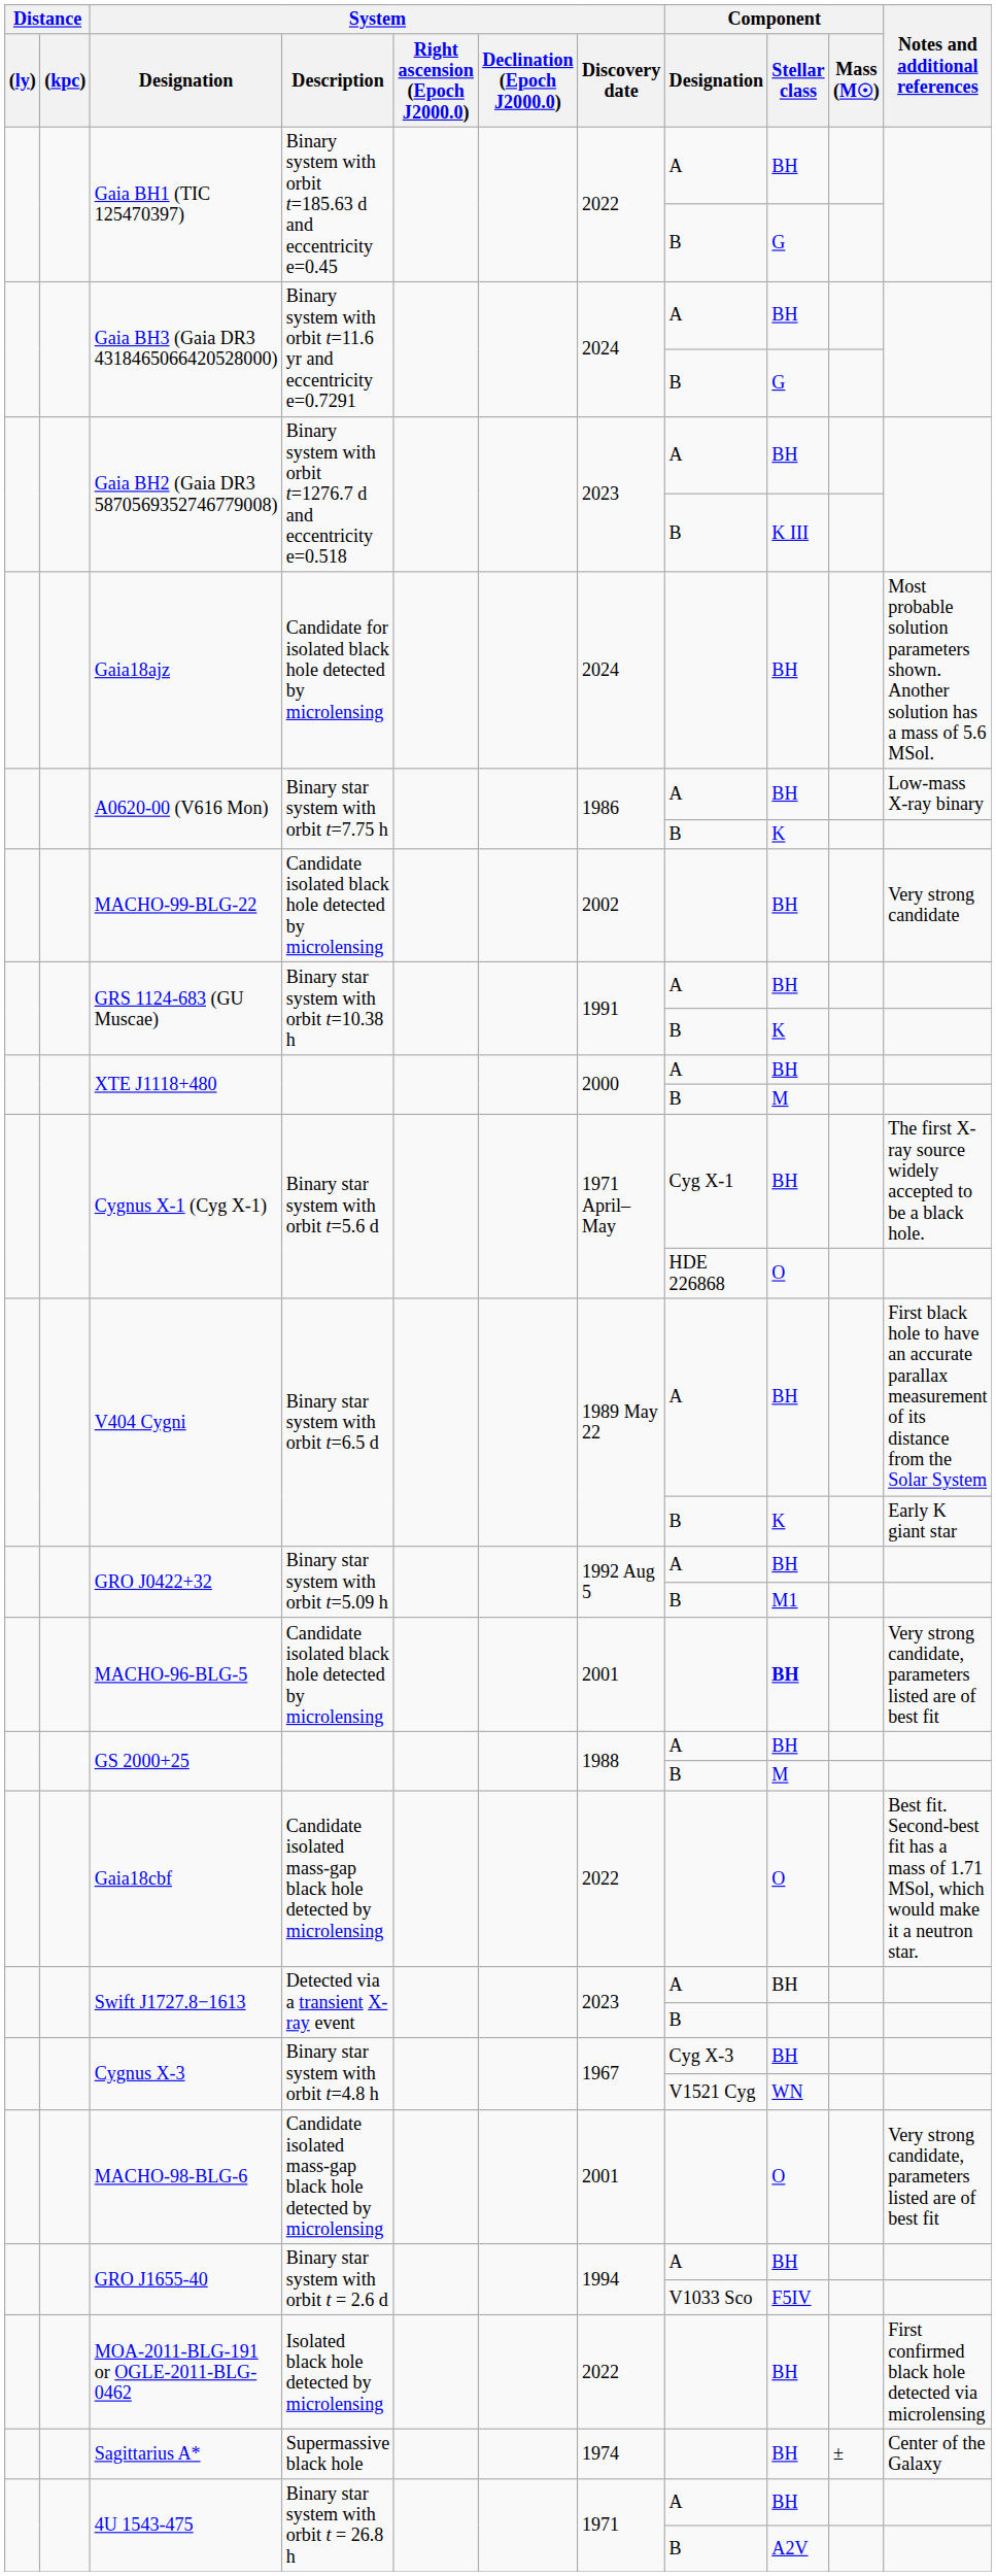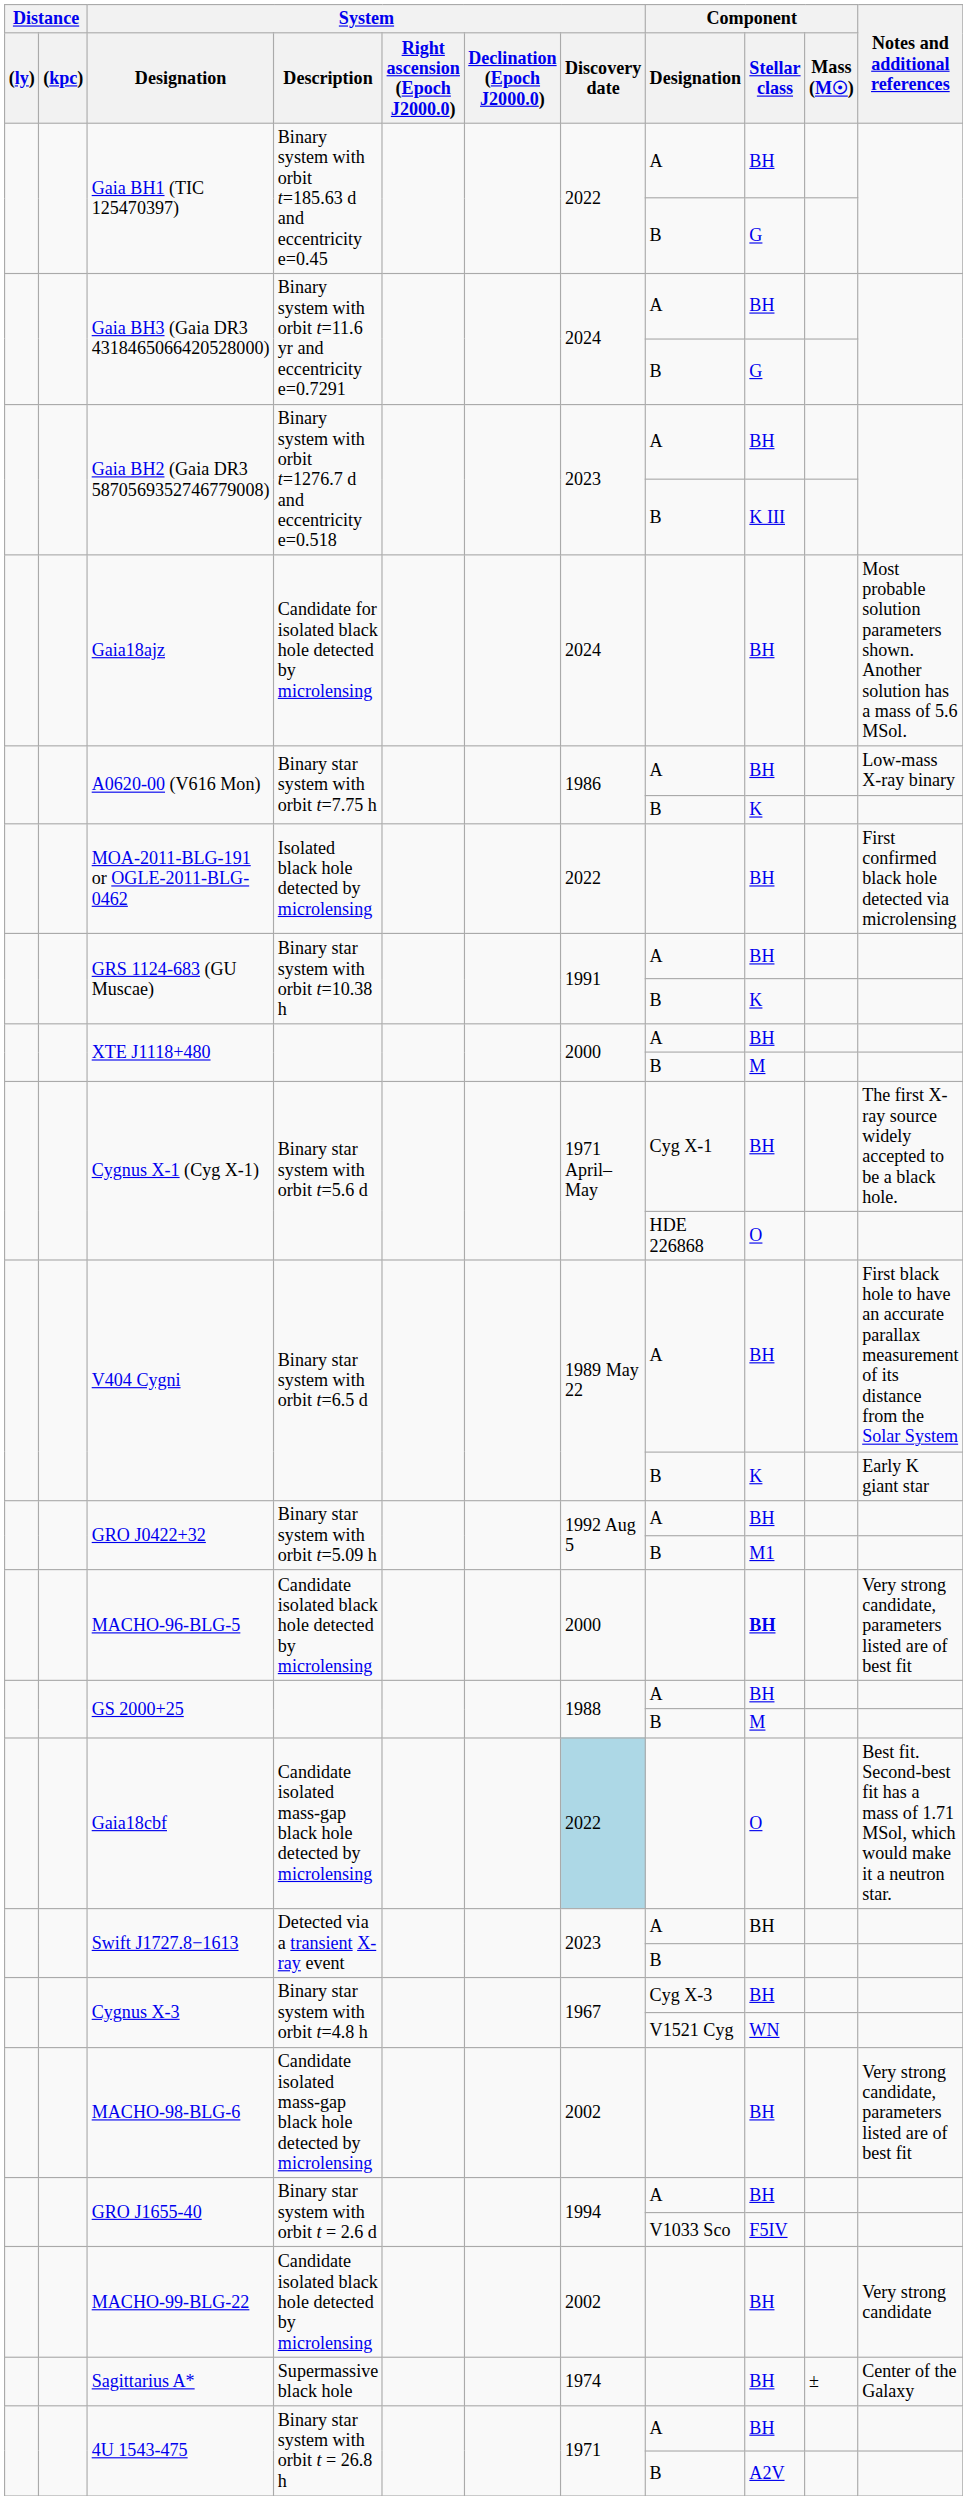 <table class="wikitable sortable" border="1" text-align: center;" style="border-collapse: collapse">
 <tr>
 <th colspan="2" data-sort-type="number"><a href='#'>Distance</a></th>
 <th colspan="5" class="unsortable"><a href='#'>System</a></th>
 <th colspan="3">Component</th>
 <th rowspan="2" width=300 class="unsortable">Notes and <a href='#'>additional references</a></th>
 </tr>
 <tr class="unsortable">
 <th>(<a href='#'>ly</a>)</th>
 <th>(<a href='#'>kpc</a>)</th>
 <th>Designation</th>
 <th width=140>Description</th>
 <th class="unsortable"><a href='#'>Right ascension</a><br>(<a href='#'>Epoch</a> <a href='#'>J2000.0</a>)</th>
 <th class="unsortable"><a href='#'>Declination</a><br>(<a href='#'>Epoch</a> <a href='#'>J2000.0</a>)</th>
 <th>Discovery<br>date</th>
 <th>Designation</th>
 <th><a href='#'>Stellar<br>class</a></th>
 <th data-sort-type="number">Mass<br>(<a href='#'>M☉</a>)</th>
 </tr>
 <tr>
 <td rowspan="2"></td>
 <td rowspan="2"></td>
 <td rowspan="2"><a href='#'>Gaia BH1</a> (TIC 125470397)</td>
 <td rowspan="2">Binary system with orbit <em>t</em>=185.63 d and eccentricity e=0.45</td>
 <td rowspan="2"></td>
 <td rowspan="2"></td>
 <td rowspan="2">2022</td>
 <td>A</td>
 <td style="background: "><a href='#'><span>BH</span></a></td>
 <td></td>
 <td rowspan="2"></td>
 </tr>
 <tr>
 <td>B</td>
 <td style="background: "><a href='#'>G</a></td>
 <td></td>
 </tr>
 <tr>
 <td rowspan="2"></td>
 <td rowspan="2"></td>
 <td rowspan="2"><a href='#'>Gaia BH3</a> (Gaia DR3 4318465066420528000)</td>
 <td rowspan="2">Binary system with orbit <em>t</em>=11.6 yr and eccentricity e=0.7291</td>
 <td rowspan="2"></td>
 <td rowspan="2"></td>
 <td rowspan="2">2024</td>
 <td>A</td>
 <td style="background: "><a href='#'><span>BH</span></a></td>
 <td></td>
 <td rowspan="2"></td>
 </tr>
 <tr>
 <td>B</td>
 <td style="background: "><a href='#'>G</a></td>
 <td></td>
 </tr>
 <tr>
 <td rowspan="2"></td>
 <td rowspan="2"></td>
 <td rowspan="2"><a href='#'>Gaia BH2</a> (Gaia DR3 5870569352746779008)</td>
 <td rowspan="2">Binary system with orbit <em>t</em>=1276.7 d and eccentricity e=0.518</td>
 <td rowspan="2"></td>
 <td rowspan="2"></td>
 <td rowspan="2">2023</td>
 <td>A</td>
 <td style="background: "><a href='#'><span>BH</span></a></td>
 <td></td>
 <td rowspan="2"></td>
 </tr>
 <tr>
 <td>B</td>
 <td style="background: "><a href='#'>K III</a></td>
 <td></td>
 </tr>
 <tr>
 <td></td>
 <td></td>
 <td><a href='#'>Gaia18ajz</a></td>
 <td>Candidate for isolated black hole detected by <a href='#'>microlensing</a></td>
 <td></td>
 <td></td>
 <td>2024</td>
 <td></td>
 <td style="background: "><a href='#'><span>BH</span></a></td>
 <td></td>
 <td>Most probable solution parameters shown. Another solution has a mass of 5.6 MSol.</td>
 </tr>
 <tr>
 <td rowspan="2"></td>
 <td rowspan="2"></td>
 <td rowspan="2"><a href='#'>A0620-00</a> (V616 Mon)</td>
 <td rowspan="2">Binary star system with orbit <em>t</em>=7.75 h</td>
 <td rowspan="2"></td>
 <td rowspan="2"></td>
 <td rowspan="2">1986</td>
 <td>A</td>
 <td style="background: "><a href='#'><span>BH</span></a></td>
 <td></td>
 <td>Low-mass X-ray binary</td>
 </tr>
 <tr>
 <td>B</td>
 <td style="background: "><a href='#'>K</a></td>
 <td></td>
 <td></td>
 </tr>
 <tr>
 <td></td>
 <td></td>
-<td><a href='#'>MACHO-99-BLG-22</a></td>
-<td>Candidate isolated black hole detected by <a href='#'>microlensing</a></td>
+<td><a href='#'>MOA-2011-BLG-191</a> or <a href='#'>OGLE-2011-BLG-0462</a></td>
+<td>Isolated black hole detected by <a href='#'>microlensing</a></td>
 <td></td>
 <td></td>
-<td>2002</td>
+<td>2022</td>
 <td></td>
 <td style="background: "><a href='#'><span>BH</span></a></td>
 <td></td>
-<td>Very strong candidate</td>
+<td>First confirmed black hole detected via microlensing</td>
 </tr>
 <tr>
 <td rowspan="2"></td>
 <td rowspan="2"></td>
 <td rowspan="2"><a href='#'>GRS 1124-683</a> (GU Muscae)</td>
 <td rowspan="2">Binary star system with orbit <em>t</em>=10.38 h</td>
 <td rowspan="2"></td>
 <td rowspan="2"></td>
 <td rowspan="2">1991 </td>
 <td>A</td>
 <td style="background: "><a href='#'><span>BH</span></a></td>
 <td></td>
 <td></td>
 </tr>
 <tr>
 <td>B</td>
 <td style="background: "><a href='#'>K</a></td>
 <td></td>
 <td></td>
 </tr>
 <tr>
 <td rowspan="2"></td>
 <td rowspan="2"></td>
 <td rowspan="2"><a href='#'>XTE J1118+480</a></td>
 <td rowspan="2"></td>
 <td rowspan="2"></td>
 <td rowspan="2"></td>
 <td rowspan="2">2000</td>
 <td>A</td>
 <td style="background: "><a href='#'><span>BH</span></a></td>
 <td></td>
 <td></td>
 </tr>
 <tr>
 <td>B</td>
 <td style="background: "><a href='#'>M</a></td>
 <td></td>
 <td></td>
 </tr>
 <tr>
 <td rowspan="2"></td>
 <td rowspan="2"></td>
 <td rowspan="2"><a href='#'>Cygnus X-1</a> (Cyg X-1)</td>
 <td rowspan="2">Binary star system with orbit <em>t</em>=5.6 d</td>
 <td rowspan="2"></td>
 <td rowspan="2"></td>
 <td rowspan="2">1971 April–May</td>
 <td>Cyg X-1</td>
 <td style="background: "><a href='#'><span>BH</span></a></td>
 <td></td>
 <td>The first X-ray source widely accepted to be a black hole.</td>
 </tr>
 <tr>
 <td>HDE 226868</td>
 <td style="background: "><a href='#'>O</a></td>
 <td></td>
 <td></td>
 </tr>
 <tr>
 <td rowspan="2"></td>
 <td rowspan="2"></td>
 <td rowspan="2"><a href='#'>V404 Cygni</a></td>
 <td rowspan="2">Binary star system with orbit <em>t</em>=6.5 d</td>
 <td rowspan="2"></td>
 <td rowspan="2"></td>
 <td rowspan="2">1989 May 22</td>
 <td>A</td>
 <td style="background: "><a href='#'><span>BH</span></a></td>
 <td></td>
 <td>First black hole to have an accurate parallax measurement of its distance from the <a href='#'>Solar System</a></td>
 </tr>
 <tr>
 <td>B</td>
 <td style="background: "><a href='#'>K</a></td>
 <td></td>
 <td>Early K giant star</td>
 </tr>
 <tr>
 <td rowspan="2"></td>
 <td rowspan="2"></td>
 <td rowspan="2"><a href='#'>GRO J0422+32</a></td>
 <td rowspan="2">Binary star system with orbit <em>t</em>=5.09 h</td>
 <td rowspan="2"></td>
 <td rowspan="2"></td>
 <td rowspan="2">1992 Aug 5</td>
 <td>A</td>
 <td style="background: "><a href='#'><span>BH</span></a></td>
 <td></td>
 <td></td>
 </tr>
 <tr>
 <td>B</td>
 <td style="background: "><a href='#'>M1</a></td>
 <td></td>
 <td></td>
 </tr>
 <tr>
 <td></td>
 <td></td>
 <td><a href='#'>MACHO-96-BLG-5</a></td>
 <td>Candidate isolated black hole detected by <a href='#'>microlensing</a></td>
 <td></td>
 <td></td>
-<td>2001</td>
+<td>2000</td>
 <td></td>
 <td style="background: "><strong><a href='#'><span>BH</span></a></strong></td>
 <td></td>
 <td>Very strong candidate, parameters listed are of best fit</td>
 </tr>
 <tr>
 <td rowspan="2"></td>
 <td rowspan="2"></td>
 <td rowspan="2"><a href='#'>GS 2000+25</a></td>
 <td rowspan="2"></td>
 <td rowspan="2"></td>
 <td rowspan="2"></td>
 <td rowspan="2">1988</td>
 <td>A</td>
 <td style="background: "><a href='#'><span>BH</span></a></td>
 <td></td>
 <td></td>
 </tr>
 <tr>
 <td>B</td>
 <td style="background: "><a href='#'>M</a></td>
 <td></td>
 <td></td>
 </tr>
 <tr>
 <td></td>
 <td></td>
 <td><a href='#'>Gaia18cbf</a></td>
 <td>Candidate isolated mass-gap black hole detected by <a href='#'>microlensing</a></td>
 <td></td>
 <td></td>
-<td>2022</td>
+<td style="background: lightblue;">2022</td>
 <td></td>
 <td style="background: "><a href='#'>O</a></td>
 <td></td>
 <td>Best fit. Second-best fit has a mass of 1.71 MSol, which would make it a neutron star.</td>
 </tr>
 <tr>
 <td rowspan="2"></td>
 <td rowspan="2"></td>
 <td rowspan="2"><a href='#'>Swift J1727.8−1613</a></td>
 <td rowspan="2">Detected via a <a href='#'>transient</a> <a href='#'>X-ray</a> event</td>
 <td rowspan="2"></td>
 <td rowspan="2"></td>
 <td rowspan="2">2023</td>
 <td>A</td>
 <td style="background: ">BH</td>
 <td></td>
 <td></td>
 </tr>
 <tr>
 <td>B</td>
 <td></td>
 <td></td>
 <td></td>
 </tr>
 <tr>
 <td rowspan="2"></td>
 <td rowspan="2"></td>
 <td rowspan="2"><a href='#'>Cygnus X-3</a></td>
 <td rowspan="2">Binary star system with orbit <em>t</em>=4.8 h</td>
 <td rowspan="2"></td>
 <td rowspan="2"></td>
 <td rowspan="2">1967</td>
 <td>Cyg X-3</td>
 <td style="background: "><a href='#'><span>BH</span></a></td>
 <td><br></td>
 <td></td>
 </tr>
 <tr>
 <td>V1521 Cyg</td>
 <td style="background: "><a href='#'>WN</a></td>
 <td><br></td>
 <td></td>
 </tr>
 <tr>
 <td></td>
 <td></td>
 <td><a href='#'>MACHO-98-BLG-6</a></td>
 <td>Candidate isolated mass-gap black hole detected by <a href='#'>microlensing</a></td>
 <td></td>
 <td></td>
-<td>2001</td>
+<td>2002</td>
 <td></td>
-<td style="background: "><a href='#'>O</a></td>
+<td style="background: "><a href='#'><span>BH</span></a></td>
 <td></td>
 <td>Very strong candidate, parameters listed are of best fit</td>
 </tr>
 <tr>
 <td rowspan="2"></td>
 <td rowspan="2"></td>
 <td rowspan="2"><a href='#'>GRO J1655-40</a></td>
 <td rowspan="2">Binary star system with orbit <em>t</em> = 2.6 d</td>
 <td rowspan="2"></td>
 <td rowspan="2"></td>
 <td rowspan="2">1994</td>
 <td>A</td>
 <td style="background: "><a href='#'><span>BH</span></a></td>
 <td></td>
 <td></td>
 </tr>
 <tr>
 <td>V1033 Sco</td>
 <td style="background: "><a href='#'>F5IV</a></td>
 <td></td>
 <td></td>
 </tr>
 <tr>
 <td></td>
 <td></td>
-<td><a href='#'>MOA-2011-BLG-191</a> or <a href='#'>OGLE-2011-BLG-0462</a></td>
-<td>Isolated black hole detected by <a href='#'>microlensing</a></td>
+<td><a href='#'>MACHO-99-BLG-22</a></td>
+<td>Candidate isolated black hole detected by <a href='#'>microlensing</a></td>
 <td></td>
 <td></td>
-<td>2022</td>
+<td>2002</td>
 <td></td>
 <td style="background: "><a href='#'><span>BH</span></a></td>
 <td></td>
-<td>First confirmed black hole detected via microlensing</td>
+<td>Very strong candidate</td>
 </tr>
 <tr>
 <td></td>
 <td></td>
 <td><a href='#'>Sagittarius A*</a></td>
 <td>Supermassive black hole</td>
 <td></td>
 <td></td>
 <td>1974</td>
 <td></td>
 <td style="background: "><a href='#'><span>BH</span></a></td>
 <td> ± </td>
 <td>Center of the Galaxy</td>
 </tr>
 <tr>
 <td rowspan="2"></td>
 <td rowspan="2"></td>
 <td rowspan="2"><a href='#'>4U 1543-475</a></td>
 <td rowspan="2">Binary star system with orbit <em>t</em> = 26.8 h</td>
 <td rowspan="2"></td>
 <td rowspan="2"></td>
 <td rowspan="2">1971</td>
 <td>A</td>
 <td style="background: "><a href='#'><span>BH</span></a></td>
 <td></td>
 <td></td>
 </tr>
 <tr>
 <td>B</td>
 <td style="background: "><a href='#'>A2V</a></td>
 <td></td>
 <td></td>
 </tr>
 <tr>
 </tr>
 </table>
